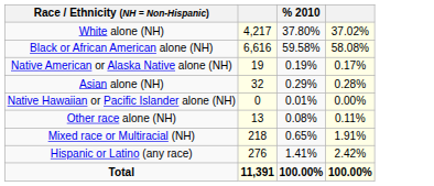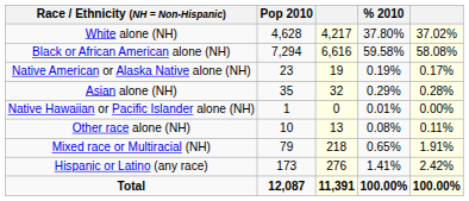 <table class="wikitable" style="text-align:center;">
 <tr>
 <th>Race / Ethnicity <small>(<em>NH = Non-Hispanic</em>)</small></th>
+<th>Pop 2010</th>
 <th></th>
 <th>% 2010</th>
 <th></th>
 </tr>
 <tr>
 <td><a href='#'>White</a> alone (NH)</td>
+<td>4,628</td>
 <td style='background: #ffffe6;'>4,217</td>
 <td>37.80%</td>
 <td style='background: #ffffe6;'>37.02%</td>
 </tr>
 <tr>
 <td><a href='#'>Black or African American</a> alone (NH)</td>
+<td>7,294</td>
 <td style='background: #ffffe6;'>6,616</td>
 <td>59.58%</td>
 <td style='background: #ffffe6;'>58.08%</td>
 </tr>
 <tr>
 <td><a href='#'>Native American</a> or <a href='#'>Alaska Native</a> alone (NH)</td>
+<td>23</td>
 <td style='background: #ffffe6;'>19</td>
 <td>0.19%</td>
 <td style='background: #ffffe6;'>0.17%</td>
 </tr>
 <tr>
 <td><a href='#'>Asian</a> alone (NH)</td>
+<td>35</td>
 <td style='background: #ffffe6;'>32</td>
 <td>0.29%</td>
 <td style='background: #ffffe6;'>0.28%</td>
 </tr>
 <tr>
 <td><a href='#'>Native Hawaiian</a> or <a href='#'>Pacific Islander</a> alone (NH)</td>
+<td>1</td>
 <td style='background: #ffffe6;'>0</td>
 <td>0.01%</td>
 <td style='background: #ffffe6;'>0.00%</td>
 </tr>
 <tr>
 <td><a href='#'>Other race</a> alone (NH)</td>
+<td>10</td>
 <td style='background: #ffffe6;'>13</td>
 <td>0.08%</td>
 <td style='background: #ffffe6;'>0.11%</td>
 </tr>
 <tr>
 <td><a href='#'>Mixed race or Multiracial</a> (NH)</td>
+<td>79</td>
 <td style='background: #ffffe6;'>218</td>
 <td>0.65%</td>
 <td style='background: #ffffe6;'>1.91%</td>
 </tr>
 <tr>
 <td><a href='#'>Hispanic or Latino</a> (any race)</td>
+<td>173</td>
 <td style='background: #ffffe6;'>276</td>
 <td>1.41%</td>
 <td style='background: #ffffe6;'>2.42%</td>
 </tr>
 <tr>
 <td><strong>Total</strong></td>
+<td><strong>12,087</strong></td>
 <td style='background: #ffffe6;'><strong>11,391</strong></td>
 <td><strong>100.00%</strong></td>
 <td style='background: #ffffe6;'><strong>100.00%</strong></td>
 </tr>
 </table>
